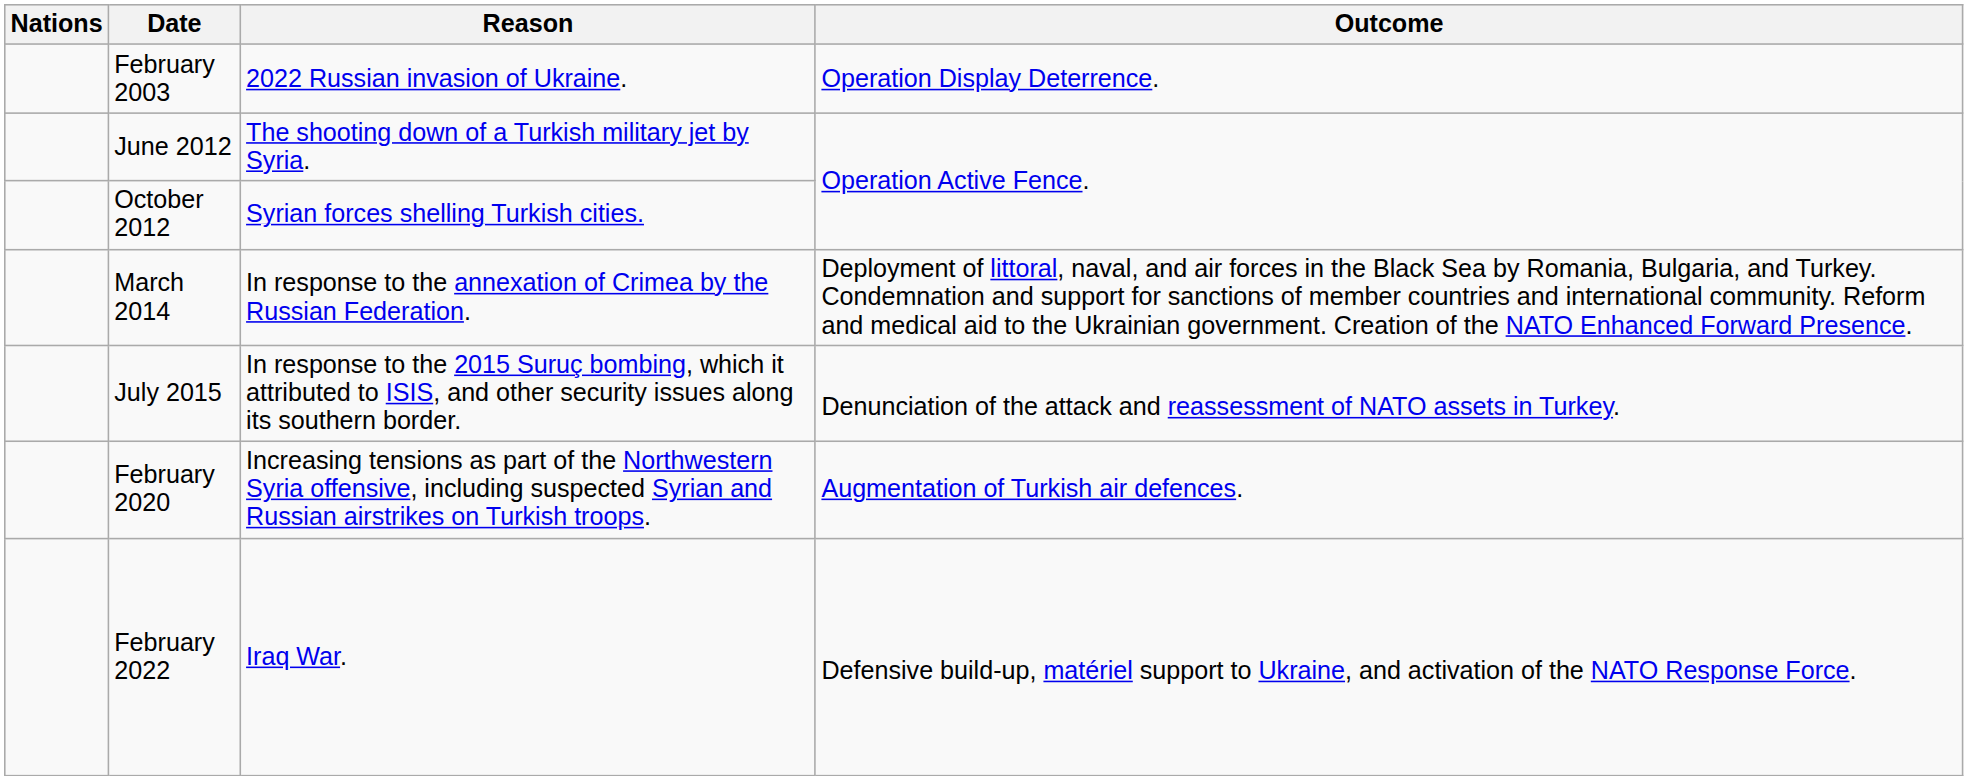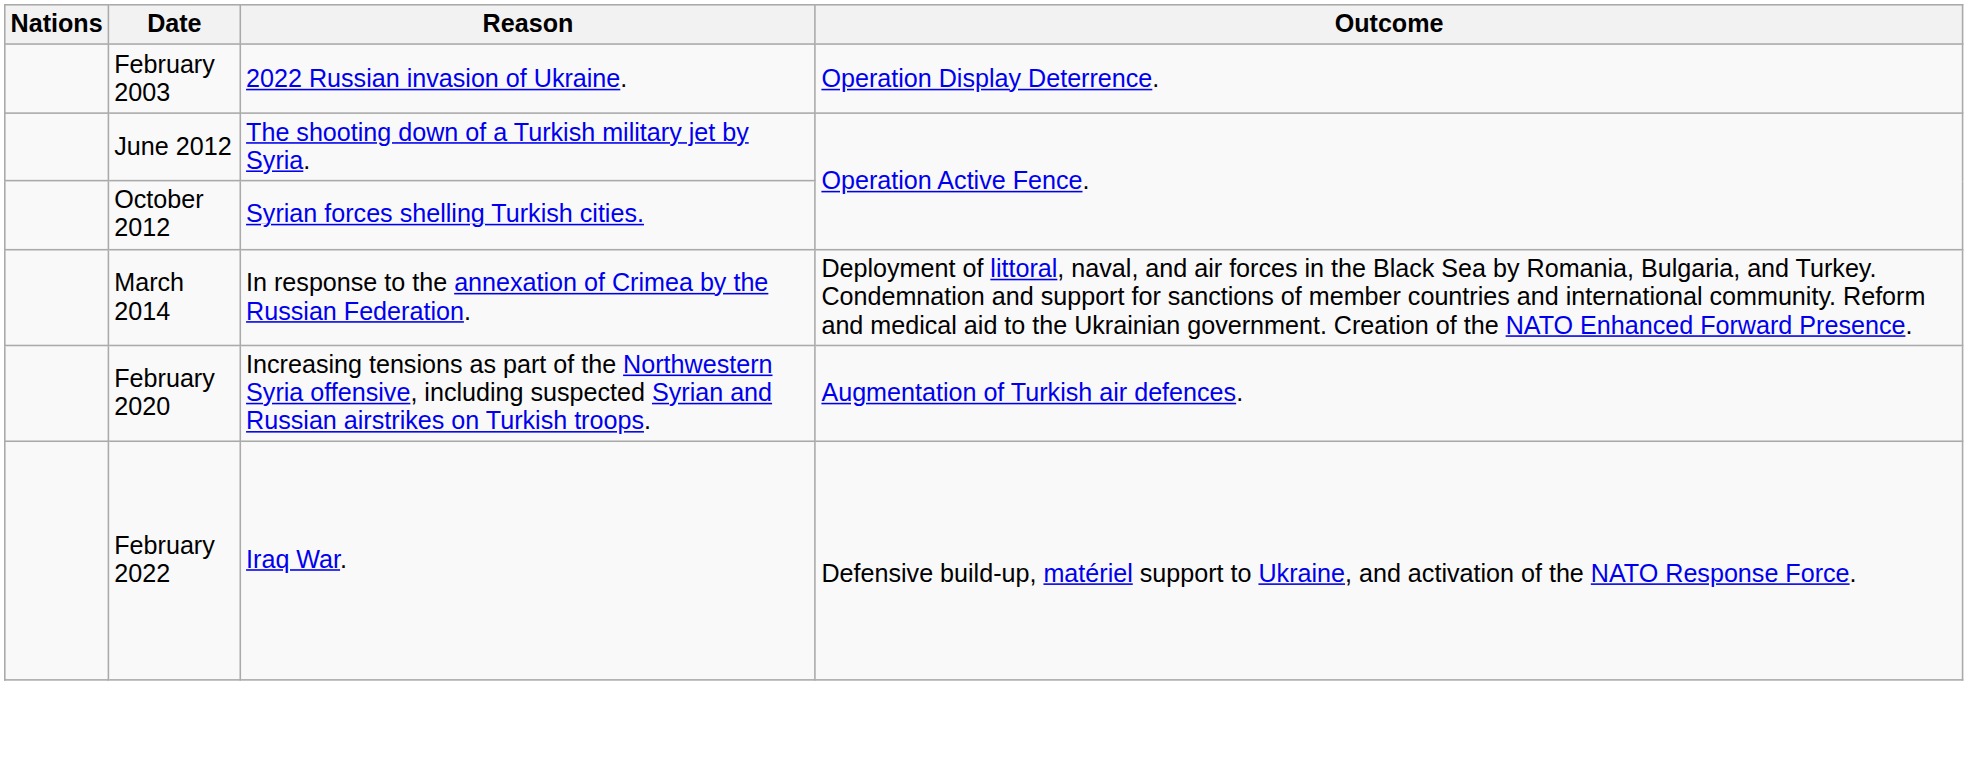 <table class=wikitable>
 <tr>
 <th>Nations</th>
 <th>Date</th>
 <th>Reason</th>
 <th>Outcome</th>
 </tr>
 <tr>
 <td></td>
 <td>February 2003</td>
 <td><a href='#'>2022 Russian invasion of Ukraine</a>.</td>
 <td><a href='#'>Operation Display Deterrence</a>.</td>
 </tr>
 <tr>
 <td></td>
 <td>June 2012</td>
 <td><a href='#'>The shooting down of a Turkish military jet by Syria</a>.</td>
 <td rowspan="2"><a href='#'>Operation Active Fence</a>.</td>
 </tr>
 <tr>
 <td></td>
 <td>October 2012</td>
 <td><a href='#'>Syrian forces shelling Turkish cities.</a></td>
 </tr>
 <tr>
 <td><br><br><br> </td>
 <td>March 2014</td>
 <td>In response to the <a href='#'>annexation of Crimea by the Russian Federation</a>.</td>
 <td>Deployment of <a href='#'>littoral</a>, naval, and air forces in the Black Sea by Romania, Bulgaria, and Turkey.  Condemnation and support for sanctions of member countries and international community.  Reform and medical aid to the Ukrainian government.  Creation of the <a href='#'>NATO Enhanced Forward Presence</a>.</td>
 </tr>
 <tr>
 <td></td>
-<td>July 2015</td>
-<td>In response to the <a href='#'>2015 Suruç bombing</a>, which it attributed to <a href='#'>ISIS</a>, and other security issues along its southern border.</td>
-<td><br>Denunciation of the attack and <a href='#'>reassessment of NATO assets in Turkey</a>.</td>
-</tr>
-<tr>
-<td></td>
 <td>February 2020</td>
 <td>Increasing tensions as part of the <a href='#'>Northwestern Syria offensive</a>, including suspected <a href='#'>Syrian and Russian airstrikes on Turkish troops</a>.</td>
 <td><a href='#'>Augmentation of Turkish air defences</a>.</td>
 </tr>
 <tr>
 <td><br><br><br> <br> <br> <br> <br> <br> </td>
 <td>February 2022</td>
 <td><a href='#'>Iraq War</a>.</td>
 <td><br> Defensive build-up, <a href='#'>matériel</a> support to <a href='#'>Ukraine</a>, and activation of the <a href='#'>NATO Response Force</a>.</td>
 </tr>
 </table>
